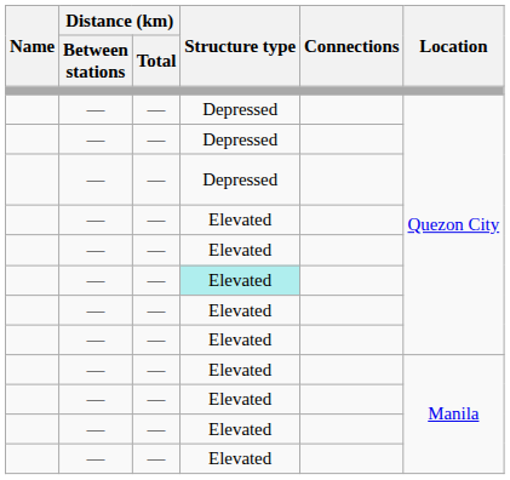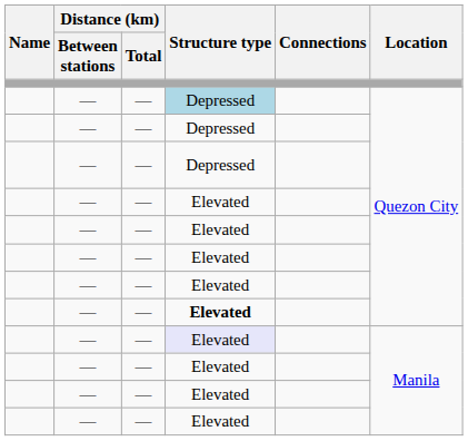 <table class="wikitable collapsible" style="text-align:center; font-size:95%">
 <tr>
 <th rowspan=2>Name</th>
 <th colspan=2>Distance (km)</th>
 <th rowspan=2>Structure type</th>
 <th rowspan=2>Connections</th>
 <th rowspan=2>Location</th>
 </tr>
 <tr>
 <th>Between<br>stations</th>
 <th>Total</th>
 </tr>
 <tr style = "background:#a9a9a9; height: 2pt">
 <td colspan="6"></td>
 </tr>
 <tr>
 <td><em></em></td>
 <td>—</td>
 <td>—</td>
-<td>Depressed</td>
+<td style="background: lightblue;">Depressed</td>
 <td style="text-align: left"><br></td>
 <td rowspan=8><a href='#'>Quezon City</a></td>
 </tr>
 <tr>
 <td><em></em></td>
 <td>—</td>
 <td>—</td>
 <td>Depressed</td>
 <td style="text-align: left"><br> </td>
 </tr>
 <tr>
 <td><em></em></td>
 <td>—</td>
 <td>—</td>
 <td>Depressed</td>
 <td style="text-align: left"><br><br></td>
 </tr>
 <tr>
 <td><em></em></td>
 <td>—</td>
 <td>—</td>
 <td>Elevated</td>
 <td style="text-align: left"></td>
 </tr>
 <tr>
 <td><em></em></td>
 <td>—</td>
 <td>—</td>
 <td>Elevated</td>
 <td style="text-align: left"></td>
 </tr>
 <tr>
 <td><em></em></td>
 <td>—</td>
 <td>—</td>
-<td style="background: paleturquoise;">Elevated</td>
-<td style="text-align: left"></td>
-</tr>
-<tr>
-<td><em></em></td>
-<td>—</td>
-<td>—</td>
 <td>Elevated</td>
 <td style="text-align: left"></td>
 </tr>
 <tr>
 <td><em></em></td>
 <td>—</td>
 <td>—</td>
 <td>Elevated</td>
 <td style="text-align: left"></td>
 </tr>
 <tr>
 <td><em></em></td>
 <td>—</td>
 <td>—</td>
-<td>Elevated</td>
+<td><strong>Elevated</strong></td>
+<td style="text-align: left"></td>
+</tr>
+<tr>
+<td><em></em></td>
+<td>—</td>
+<td>—</td>
+<td style="background: lavender;">Elevated</td>
 <td> </td>
 <td rowspan=4><a href='#'>Manila</a></td>
 </tr>
 <tr>
 <td><em></em></td>
 <td>—</td>
 <td>—</td>
 <td>Elevated</td>
 <td style="text-align: left"></td>
 </tr>
 <tr>
 <td><em></em></td>
 <td>—</td>
 <td>—</td>
 <td>Elevated</td>
 <td style="text-align: left"><br></td>
 </tr>
 <tr>
 <td><em></em></td>
 <td>—</td>
 <td>—</td>
 <td>Elevated</td>
 <td style="text-align: left"></td>
 </tr>
 </table>
